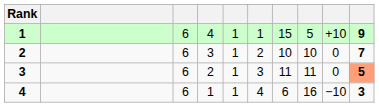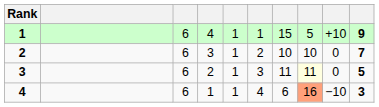 <table class="wikitable" style="text-align: center;">
 <tr>
 <th width=30>Rank</th>
 <th width=165></th>
 <th width=25></th>
 <th width=25></th>
 <th width=25></th>
 <th width=25></th>
 <th width=25></th>
 <th width=25></th>
 <th width=25></th>
 <th width=25></th>
 </tr>
 <tr style="background:#ccffcc;">
 <td><strong>1</strong></td>
 <td style="text-align:left;"></td>
 <td>6</td>
 <td>4</td>
 <td>1</td>
 <td>1</td>
 <td>15</td>
 <td>5</td>
 <td>+10</td>
 <td><strong>9</strong></td>
 </tr>
 <tr>
 <td><strong>2</strong></td>
 <td style="text-align:left;"></td>
 <td>6</td>
 <td>3</td>
 <td>1</td>
 <td>2</td>
 <td>10</td>
 <td>10</td>
 <td>0</td>
 <td><strong>7</strong></td>
 </tr>
 <tr>
 <td><strong>3</strong></td>
 <td style="text-align:left;"></td>
 <td>6</td>
 <td>2</td>
 <td>1</td>
 <td>3</td>
 <td>11</td>
-<td>11</td>
+<td style="background: lightyellow;">11</td>
 <td>0</td>
-<td style="background: lightsalmon;"><strong>5</strong></td>
+<td><strong>5</strong></td>
 </tr>
 <tr>
 <td><strong>4</strong></td>
 <td style="text-align:left;"></td>
 <td>6</td>
 <td>1</td>
 <td>1</td>
 <td>4</td>
 <td>6</td>
-<td>16</td>
+<td style="background: lightsalmon;">16</td>
 <td>−10</td>
 <td><strong>3</strong></td>
 </tr>
 </table>
